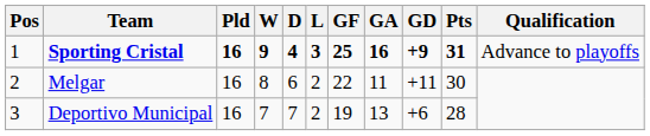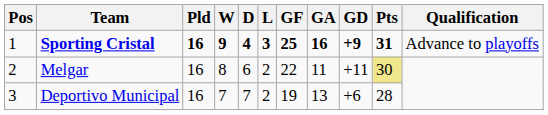 <table class="wikitable">
 <tr>
 <th>Pos</th>
 <th><strong>Team</strong></th>
 <th><strong>Pld</strong></th>
 <th>W</th>
 <th>D</th>
 <th>L</th>
 <th>GF</th>
 <th>GA</th>
 <th>GD</th>
 <th>Pts</th>
 <th><strong>Qualification</strong></th>
 </tr>
 <tr>
 <td>1</td>
 <td><strong><a href='#'>Sporting Cristal</a></strong></td>
 <td><strong>16</strong></td>
 <td><strong>9</strong></td>
 <td><strong>4</strong></td>
 <td><strong>3</strong></td>
 <td><strong>25</strong></td>
 <td><strong>16</strong></td>
 <td><strong>+9</strong></td>
 <td><strong>31</strong></td>
 <td>Advance to <a href='#'>playoffs</a></td>
 </tr>
 <tr>
 <td>2</td>
 <td><a href='#'>Melgar</a></td>
 <td>16</td>
 <td>8</td>
 <td>6</td>
 <td>2</td>
 <td>22</td>
 <td>11</td>
 <td>+11</td>
-<td>30</td>
+<td style="background: khaki;">30</td>
 <td rowspan="2"></td>
 </tr>
 <tr>
 <td>3</td>
 <td><a href='#'>Deportivo Municipal</a></td>
 <td>16</td>
 <td>7</td>
 <td>7</td>
 <td>2</td>
 <td>19</td>
 <td>13</td>
 <td>+6</td>
 <td>28</td>
 </tr>
 </table>
